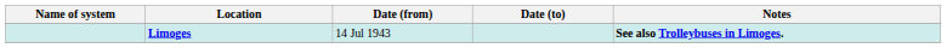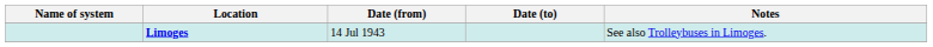 <table class="wikitable" width=100%>
 <tr>
 <th width=15%>Name of system</th>
 <th width=20%>Location</th>
 <th width=15%>Date (from)</th>
 <th width=15%>Date (to)</th>
 <th width=35%>Notes</th>
 </tr>
 <tr>
 </tr>
 <tr style="background:#CFECEC">
 <td> </td>
 <td><strong><a href='#'>Limoges</a></strong></td>
 <td>14 Jul 1943</td>
 <td> </td>
-<td><strong>See also <a href='#'>Trolleybuses in Limoges</a>.</strong></td>
+<td>See also <a href='#'>Trolleybuses in Limoges</a>.</td>
 </tr>
 <tr>
 </tr>
 </table>
